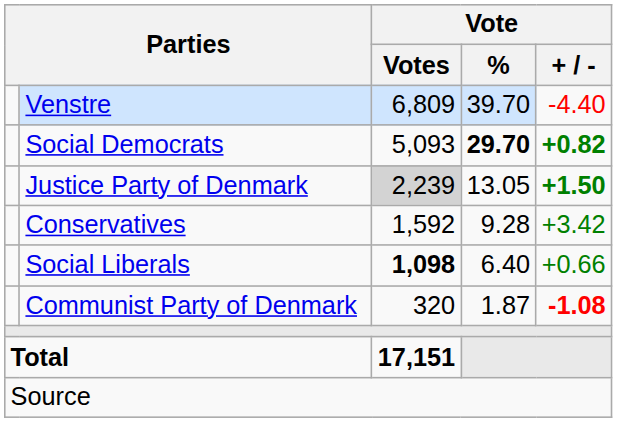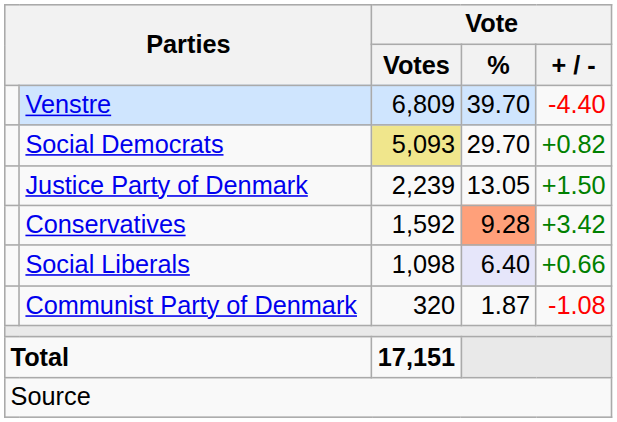 <table class="wikitable" style="text-align:right;">
 <tr>
 <th style="text-align:centre;" rowspan="2" colspan="2" width="225">Parties</th>
 <th colspan="3">Vote</th>
 </tr>
 <tr>
 <th width="15">Votes</th>
 <th width="15">%</th>
 <th width="15">+ / -</th>
 </tr>
 <tr>
 <td width="2" style="color:inherit;background:"></td>
 <td bgcolor=#cfe5fe  align="left"><a href='#'>Venstre</a></td>
 <td bgcolor=#cfe5fe>6,809</td>
 <td bgcolor=#cfe5fe>39.70</td>
 <td style=color:red;>-4.40</td>
 </tr>
 <tr>
 <td width="2" style="color:inherit;background:"></td>
 <td align="left"><a href='#'>Social Democrats</a></td>
-<td>5,093</td>
-<td><strong>29.70</strong></td>
-<td style=color:green;><strong>+0.82</strong></td>
+<td style="background: khaki;">5,093</td>
+<td>29.70</td>
+<td style=color:green;>+0.82</td>
 </tr>
 <tr>
 <td width="2" style="color:inherit;background:"></td>
 <td align="left"><a href='#'>Justice Party of Denmark</a></td>
-<td style="background: lightgrey;">2,239</td>
+<td>2,239</td>
 <td>13.05</td>
-<td style=color:green;><strong>+1.50</strong></td>
+<td style=color:green;>+1.50</td>
 </tr>
 <tr>
 <td width="2" style="color:inherit;background:"></td>
 <td align="left"><a href='#'>Conservatives</a></td>
 <td>1,592</td>
-<td>9.28</td>
+<td style="background: lightsalmon;">9.28</td>
 <td style=color:green;>+3.42</td>
 </tr>
 <tr>
 <td width="2" style="color:inherit;background:"></td>
 <td align="left"><a href='#'>Social Liberals</a></td>
-<td><strong>1,098</strong></td>
-<td>6.40</td>
+<td>1,098</td>
+<td style="background: lavender;">6.40</td>
 <td style=color:green;>+0.66</td>
 </tr>
 <tr>
 <td width="2" style="color:inherit;background:"></td>
 <td align="left"><a href='#'>Communist Party of Denmark</a></td>
 <td>320</td>
 <td>1.87</td>
-<td style=color:red;><strong>-1.08</strong></td>
+<td style=color:red;>-1.08</td>
 </tr>
 <tr>
 <td colspan="7" bgcolor="#E9E9E9"></td>
 </tr>
 <tr>
 <td align="left" colspan="2"><strong>Total</strong></td>
 <td><strong>17,151</strong></td>
 <td bgcolor="#E9E9E9" colspan="2"></td>
 </tr>
 <tr>
 <td align="left" colspan="6">Source</td>
 </tr>
 </table>
